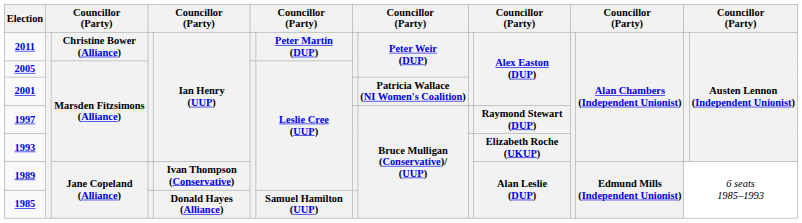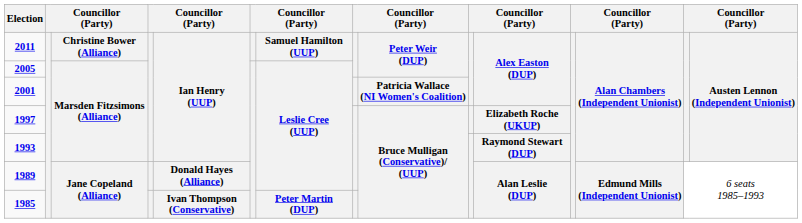 <table class="wikitable" style="text-align:center">
 <tr>
 <th scope="col" width="50">Election</th>
 <th scope="col" width="150" colspan = "2">Councillor<br> (Party)</th>
 <th scope="col" width="150" colspan = "2">Councillor<br> (Party)</th>
 <th scope="col" width="150" colspan = "2">Councillor<br> (Party)</th>
 <th scope="col" width="150" colspan = "2">Councillor<br> (Party)</th>
 <th scope="col" width="150" colspan = "2">Councillor<br> (Party)</th>
 <th scope="col" width="150" colspan = "2">Councillor<br> (Party)</th>
 <th scope="col" width="150" colspan = "2">Councillor<br> (Party)</th>
 </tr>
 <tr>
 <td><strong><a href='#'>2011</a></strong></td>
 <th rowspan="7" width="1" style="background-color: "></th>
 <th rowspan = "1">Christine Bower <br> (<a href='#'>Alliance</a>)</th>
 <th rowspan="5" width="1" style="background-color: "></th>
 <th rowspan = "5">Ian Henry <br> (<a href='#'>UUP</a>)</th>
 <th rowspan="1" width="1" style="background-color: "></th>
-<th rowspan = "1"><a href='#'>Peter Martin</a> <br> (<a href='#'>DUP</a>)</th>
+<th rowspan = "1">Samuel Hamilton <br> (<a href='#'>UUP</a>)</th>
 <th rowspan="2" width="1" style="background-color: "></th>
 <th rowspan = "2"><a href='#'>Peter Weir</a> <br> (<a href='#'>DUP</a>)</th>
 <th rowspan="3" width="1" style="background-color: "></th>
 <th rowspan = "3"><a href='#'>Alex Easton</a> <br> (<a href='#'>DUP</a>)</th>
 <th rowspan="7" width="1" style="background-color: "></th>
 <th rowspan = "5"><a href='#'>Alan Chambers</a> <br> (<a href='#'>Independent Unionist</a>)</th>
 <th rowspan="5" width="1" style="background-color: "></th>
 <th rowspan = "5">Austen Lennon <br> (<a href='#'>Independent Unionist</a>)</th>
 </tr>
 <tr>
 <td><strong><a href='#'>2005</a></strong></td>
 <th rowspan = "4">Marsden Fitzsimons <br> (<a href='#'>Alliance</a>)</th>
 <th rowspan="6" width="1" style="background-color: "></th>
 <th rowspan = "5"><a href='#'>Leslie Cree</a> <br> (<a href='#'>UUP</a>)</th>
 </tr>
 <tr>
 <td><strong><a href='#'>2001</a></strong></td>
 <th rowspan="1" width="1" style="background-color: "></th>
 <th rowspan = "1">Patricia Wallace <br> (<a href='#'>NI Women's Coalition</a>)</th>
 </tr>
 <tr>
 <td><strong><a href='#'>1997</a></strong></td>
 <th rowspan="3" width="1" style="background-color: "></th>
 <th rowspan = "4">Bruce Mulligan <br> (<a href='#'>Conservative</a>)/ <br> (<a href='#'>UUP</a>)</th>
 <th rowspan="1" width="1" style="background-color: "></th>
-<th rowspan = "1">Raymond Stewart <br> (<a href='#'>DUP</a>)</th>
+<th rowspan = "1">Elizabeth Roche <br> (<a href='#'>UKUP</a>)</th>
 </tr>
 <tr>
 <td><strong><a href='#'>1993</a></strong></td>
 <th rowspan="3" width="1" style="background-color: "></th>
-<th rowspan = "1">Elizabeth Roche <br> (<a href='#'>UKUP</a>)</th>
+<th rowspan = "1">Raymond Stewart <br> (<a href='#'>DUP</a>)</th>
 </tr>
 <tr>
 <td><strong><a href='#'>1989</a></strong></td>
 <th rowspan = "2">Jane Copeland <br> (<a href='#'>Alliance</a>)</th>
 <th rowspan="1" width="1" style="background-color: "></th>
-<th rowspan = "1">Ivan Thompson <br> (<a href='#'>Conservative</a>)</th>
+<th rowspan = "1">Donald Hayes <br> (<a href='#'>Alliance</a>)</th>
 <th rowspan = "2">Alan Leslie <br> (<a href='#'>DUP</a>)</th>
 <th rowspan = "2">Edmund Mills <br> (<a href='#'>Independent Unionist</a>)</th>
 <td colspan="2" rowspan="8" style="background-color:#FFFFFF"><em>6 seats<br>1985–1993</em></td>
 </tr>
 <tr>
 <td><strong><a href='#'>1985</a></strong></td>
 <th rowspan="1" width="1" style="background-color: "></th>
-<th rowspan = "1">Donald Hayes <br> (<a href='#'>Alliance</a>)</th>
-<th rowspan = "1">Samuel Hamilton <br> (<a href='#'>UUP</a>)</th>
+<th rowspan = "1">Ivan Thompson <br> (<a href='#'>Conservative</a>)</th>
+<th rowspan = "1"><a href='#'>Peter Martin</a> <br> (<a href='#'>DUP</a>)</th>
 <th rowspan="1" width="1" style="background-color: "></th>
 </tr>
 </table>
